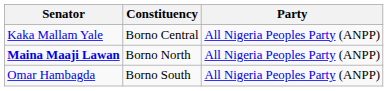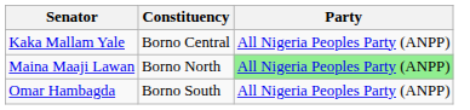 <table class="wikitable" border="1">
 <tr>
 <th>Senator</th>
 <th>Constituency</th>
 <th>Party</th>
 </tr>
 <tr>
 <td><a href='#'>Kaka Mallam Yale</a></td>
 <td>Borno Central</td>
 <td><a href='#'>All Nigeria Peoples Party</a> (ANPP)</td>
 </tr>
 <tr>
-<td><strong><a href='#'>Maina Maaji Lawan</a></strong></td>
+<td><a href='#'>Maina Maaji Lawan</a></td>
 <td>Borno North</td>
-<td><a href='#'>All Nigeria Peoples Party</a> (ANPP)</td>
+<td style="background: lightgreen;"><a href='#'>All Nigeria Peoples Party</a> (ANPP)</td>
 </tr>
 <tr>
 <td><a href='#'>Omar Hambagda</a></td>
 <td>Borno South</td>
 <td><a href='#'>All Nigeria Peoples Party</a> (ANPP)</td>
 </tr>
 </table>
